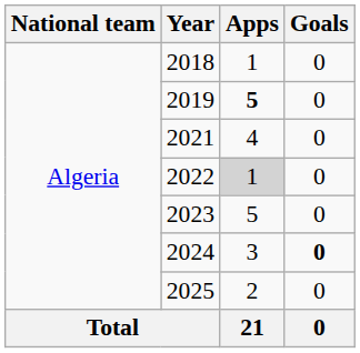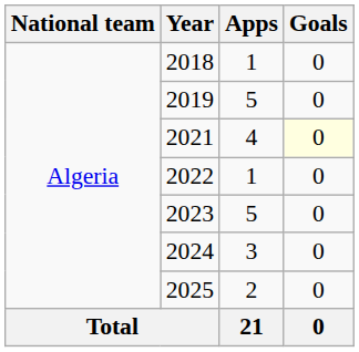 <table class="wikitable" style="text-align:center">
 <tr>
 <th>National team</th>
 <th>Year</th>
 <th>Apps</th>
 <th>Goals</th>
 </tr>
 <tr>
 <td rowspan="7"><a href='#'>Algeria</a></td>
 <td>2018</td>
 <td>1</td>
 <td>0</td>
 </tr>
 <tr>
 <td>2019</td>
-<td><strong>5</strong></td>
+<td>5</td>
 <td>0</td>
 </tr>
 <tr>
 <td>2021</td>
 <td>4</td>
-<td>0</td>
+<td style="background: lightyellow;">0</td>
 </tr>
 <tr>
 <td>2022</td>
-<td style="background: lightgrey;">1</td>
+<td>1</td>
 <td>0</td>
 </tr>
 <tr>
 <td>2023</td>
 <td>5</td>
 <td>0</td>
 </tr>
 <tr>
 <td>2024</td>
 <td>3</td>
-<td><strong>0</strong></td>
+<td>0</td>
 </tr>
 <tr>
 <td>2025</td>
 <td>2</td>
 <td>0</td>
 </tr>
 <tr>
 <th colspan="2">Total</th>
 <th>21</th>
 <th>0</th>
 </tr>
 </table>
